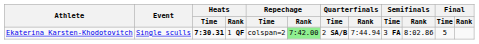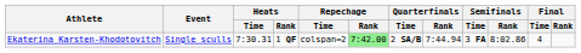 <table class="wikitable" style="font-size:90%">
 <tr>
 <th rowspan="2">Athlete</th>
 <th rowspan="2">Event</th>
 <th colspan="2">Heats</th>
 <th colspan="2">Repechage</th>
 <th colspan=2>Quarterfinals</th>
 <th colspan="2">Semifinals</th>
 <th colspan="2">Final</th>
 </tr>
 <tr style="font-size:95%">
 <th>Time</th>
 <th>Rank</th>
 <th>Time</th>
 <th>Rank</th>
 <th>Time</th>
 <th>Rank</th>
 <th>Time</th>
 <th>Rank</th>
 <th>Time</th>
 <th>Rank</th>
 </tr>
 <tr align=center>
 <td align=left><a href='#'>Ekaterina Karsten-Khodotovitch</a></td>
 <td align=left><a href='#'>Single sculls</a></td>
-<td><strong>7:30.31</strong></td>
+<td>7:30.31</td>
 <td>1 <strong>QF</strong></td>
 <td>colspan=2 </td>
 <td style="background: lightgreen;">7:42.00</td>
 <td>2 <strong>SA/B</strong></td>
 <td>7:44.94</td>
 <td>3 <strong>FA</strong></td>
 <td>8:02.86</td>
-<td>5</td>
+<td>4</td>
 </tr>
 </table>
